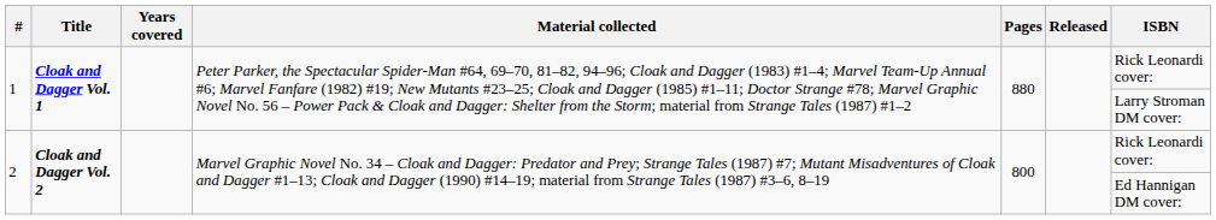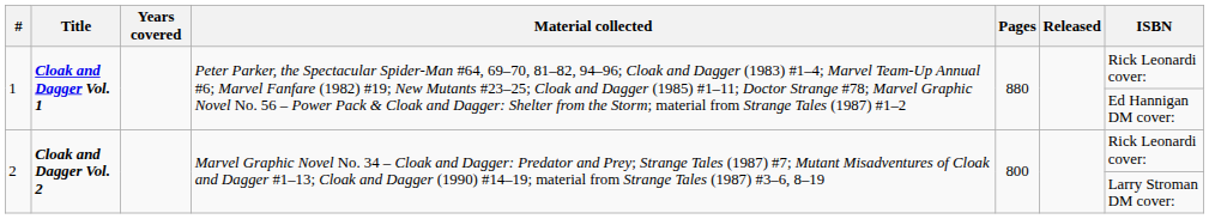 <table class="wikitable sortable" width="99%">
 <tr>
 <th class="unsortable" width="20px">#</th>
 <th>Title</th>
 <th>Years covered</th>
 <th class="unsortable">Material collected</th>
 <th>Pages</th>
 <th>Released</th>
 <th class="unsortable">ISBN</th>
 </tr>
 <tr>
 <td rowspan="2">1</td>
 <td rowspan="2"><strong><em><a href='#'>Cloak and Dagger</a> Vol. 1</em></strong></td>
 <td rowspan="2"></td>
 <td rowspan="2"><em>Peter Parker, the Spectacular Spider-Man</em> #64, 69–70, 81–82, 94–96; <em>Cloak and Dagger</em> (1983) #1–4; <em>Marvel Team-Up Annual</em> #6; <em>Marvel Fanfare</em> (1982) #19; <em>New Mutants</em> #23–25; <em>Cloak and Dagger</em> (1985) #1–11; <em>Doctor Strange</em> #78; <em>Marvel Graphic Novel</em> No. 56 – <em>Power Pack & Cloak and Dagger: Shelter from the Storm</em>; material from <em>Strange Tales</em> (1987) #1–2</td>
 <td rowspan="2" style="text-align: center;">880</td>
 <td rowspan="2"></td>
 <td>Rick Leonardi cover: </td>
 </tr>
 <tr>
-<td>Larry Stroman DM cover: </td>
+<td>Ed Hannigan DM cover: </td>
 </tr>
 <tr>
 <td rowspan="2">2</td>
 <td rowspan="2"><strong><em>Cloak and Dagger Vol. 2</em></strong></td>
 <td rowspan="2"></td>
 <td rowspan="2"><em>Marvel Graphic Novel</em> No. 34 – <em>Cloak and Dagger: Predator and Prey</em>; <em>Strange Tales</em> (1987) #7; <em>Mutant Misadventures of Cloak and Dagger</em> #1–13; <em>Cloak and Dagger</em> (1990) #14–19; material from <em>Strange Tales</em> (1987) #3–6, 8–19</td>
 <td rowspan="2" style="text-align: center;">800</td>
 <td rowspan="2"></td>
 <td>Rick Leonardi cover: </td>
 </tr>
 <tr>
-<td>Ed Hannigan DM cover: </td>
+<td>Larry Stroman DM cover: </td>
 </tr>
 </table>
